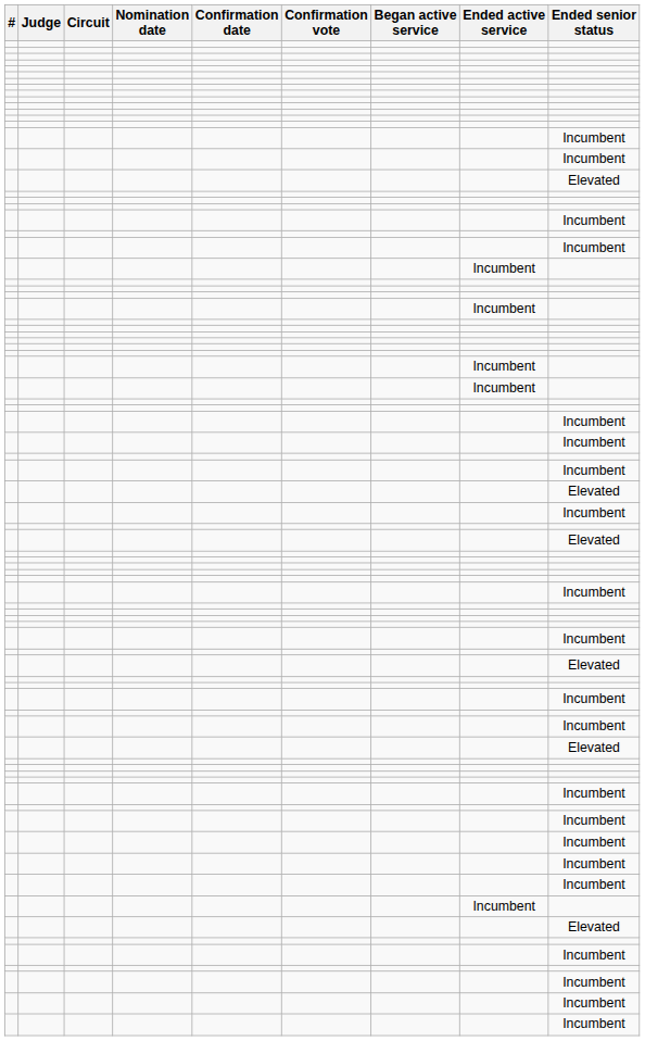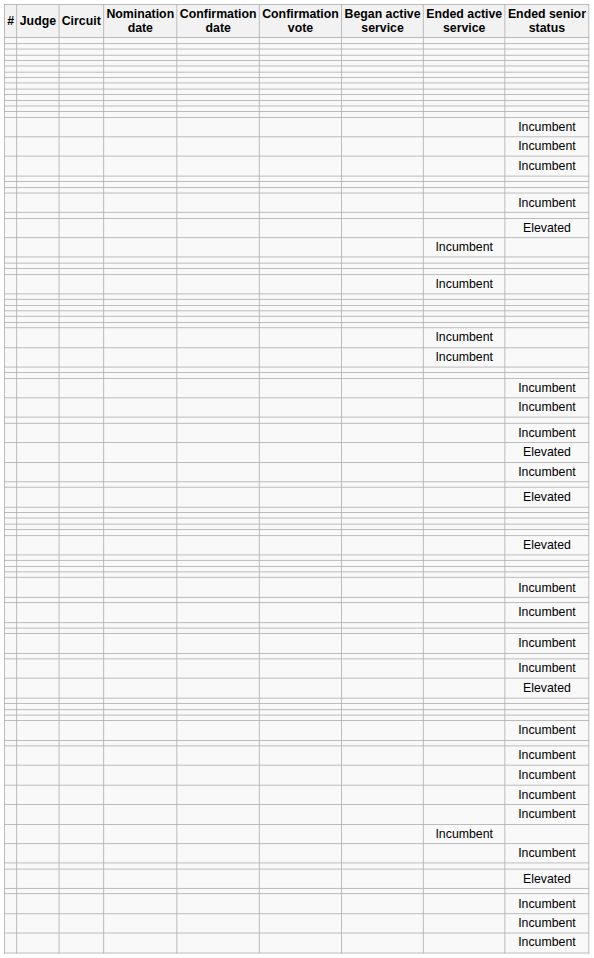 <table class="sortable wikitable">
 <tr>
 <th>#</th>
 <th>Judge</th>
 <th>Circuit</th>
 <th>Nomination<br>date</th>
 <th>Confirmation<br>date</th>
 <th>Confirmation<br>vote</th>
 <th>Began active<br>service</th>
 <th>Ended active<br>service</th>
 <th>Ended senior<br>status</th>
 </tr>
 <tr>
 <td></td>
 <td></td>
 <td></td>
 <td></td>
 <td></td>
 <td align="center"></td>
 <td></td>
 <td></td>
 <td></td>
 </tr>
 <tr>
 <td></td>
 <td></td>
 <td></td>
 <td></td>
 <td></td>
 <td align="center"></td>
 <td></td>
 <td></td>
 <td></td>
 </tr>
 <tr>
 <td></td>
 <td></td>
 <td></td>
 <td></td>
 <td></td>
 <td align="center"></td>
 <td></td>
 <td></td>
 <td></td>
 </tr>
 <tr>
 <td></td>
 <td></td>
 <td></td>
 <td></td>
 <td></td>
 <td align="center"></td>
 <td></td>
 <td></td>
 <td></td>
 </tr>
 <tr>
 <td></td>
 <td></td>
 <td></td>
 <td></td>
 <td></td>
 <td align="center"></td>
 <td></td>
 <td></td>
 <td></td>
 </tr>
 <tr>
 <td></td>
 <td></td>
 <td></td>
 <td></td>
 <td></td>
 <td align="center"></td>
 <td></td>
 <td></td>
 <td align="center"></td>
 </tr>
 <tr>
 <td></td>
 <td></td>
 <td></td>
 <td></td>
 <td></td>
 <td align="center"></td>
 <td></td>
 <td></td>
 <td></td>
 </tr>
 <tr>
 <td></td>
 <td></td>
 <td></td>
 <td></td>
 <td></td>
 <td align="center"></td>
 <td></td>
 <td></td>
 <td></td>
 </tr>
 <tr>
 <td></td>
 <td></td>
 <td></td>
 <td></td>
 <td></td>
 <td align="center"></td>
 <td></td>
 <td></td>
 <td align="center"></td>
 </tr>
 <tr>
 <td></td>
 <td></td>
 <td></td>
 <td></td>
 <td></td>
 <td align="center"></td>
 <td></td>
 <td></td>
 <td></td>
 </tr>
 <tr>
 <td></td>
 <td></td>
 <td></td>
 <td></td>
 <td></td>
 <td align="center"></td>
 <td></td>
 <td></td>
 <td></td>
 </tr>
 <tr>
 <td></td>
 <td></td>
 <td></td>
 <td></td>
 <td></td>
 <td align="center"></td>
 <td></td>
 <td></td>
 <td></td>
 </tr>
 <tr>
 <td></td>
 <td></td>
 <td></td>
 <td></td>
 <td></td>
 <td align="center"></td>
 <td></td>
 <td></td>
 <td></td>
 </tr>
 <tr>
 <td></td>
 <td></td>
 <td></td>
 <td></td>
 <td></td>
 <td align="center"></td>
 <td></td>
 <td></td>
 <td></td>
 </tr>
 <tr>
 <td></td>
 <td></td>
 <td></td>
 <td></td>
 <td></td>
 <td align="center"></td>
 <td></td>
 <td></td>
 <td align="center">Incumbent</td>
 </tr>
 <tr>
 <td></td>
 <td></td>
 <td></td>
 <td></td>
 <td></td>
 <td align="center"></td>
 <td></td>
 <td></td>
 <td align="center">Incumbent</td>
 </tr>
 <tr>
 <td></td>
 <td></td>
 <td></td>
 <td></td>
 <td></td>
 <td align="center"></td>
 <td></td>
 <td></td>
-<td align="center">Elevated</td>
+<td align="center">Incumbent</td>
 </tr>
 <tr>
 <td></td>
 <td></td>
 <td></td>
 <td></td>
 <td></td>
 <td align="center"></td>
 <td></td>
 <td></td>
 <td></td>
 </tr>
 <tr>
 <td></td>
 <td></td>
 <td></td>
 <td></td>
 <td></td>
 <td align="center"></td>
 <td></td>
 <td></td>
 <td></td>
 </tr>
 <tr>
 <td></td>
 <td></td>
 <td></td>
 <td></td>
 <td></td>
 <td align="center"></td>
 <td></td>
 <td></td>
 <td></td>
 </tr>
 <tr>
 <td></td>
 <td></td>
 <td></td>
 <td></td>
 <td></td>
 <td align="center"></td>
 <td></td>
 <td></td>
 <td align="center">Incumbent</td>
 </tr>
 <tr>
 <td></td>
 <td></td>
 <td></td>
 <td></td>
 <td></td>
 <td align="center"></td>
 <td></td>
 <td></td>
 <td align="center"></td>
 </tr>
 <tr>
 <td></td>
 <td></td>
 <td></td>
 <td></td>
 <td></td>
 <td align="center"></td>
 <td></td>
 <td></td>
-<td align="center">Incumbent</td>
+<td align="center">Elevated</td>
 </tr>
 <tr>
 <td></td>
 <td></td>
 <td></td>
 <td></td>
 <td></td>
 <td align="center"></td>
 <td></td>
 <td align="center">Incumbent</td>
 <td align="center"></td>
 </tr>
 <tr>
 <td></td>
 <td></td>
 <td></td>
 <td></td>
 <td></td>
 <td align="center"></td>
 <td></td>
 <td></td>
 <td></td>
 </tr>
 <tr>
 <td></td>
 <td></td>
 <td></td>
 <td></td>
 <td></td>
 <td align="center"></td>
 <td></td>
 <td></td>
 <td align="center"></td>
 </tr>
 <tr>
 <td></td>
 <td></td>
 <td></td>
 <td></td>
 <td></td>
 <td align="center"></td>
 <td></td>
 <td></td>
 <td align="center"></td>
 </tr>
 <tr>
 <td></td>
 <td></td>
 <td></td>
 <td></td>
 <td></td>
 <td align="center"></td>
 <td></td>
 <td align="center">Incumbent</td>
 <td align="center"></td>
 </tr>
 <tr>
 <td></td>
 <td></td>
 <td></td>
 <td></td>
 <td></td>
 <td align="center"></td>
 <td></td>
 <td></td>
 <td></td>
 </tr>
 <tr>
 <td></td>
 <td></td>
 <td></td>
 <td></td>
 <td></td>
 <td align="center"></td>
 <td></td>
 <td></td>
 <td></td>
 </tr>
 <tr>
 <td></td>
 <td></td>
 <td></td>
 <td></td>
 <td></td>
 <td align="center"></td>
 <td></td>
 <td></td>
 <td align="center"></td>
 </tr>
 <tr>
 <td></td>
 <td></td>
 <td></td>
 <td></td>
 <td></td>
 <td align="center"></td>
 <td></td>
 <td></td>
 <td align="center"></td>
 </tr>
 <tr>
 <td></td>
 <td></td>
 <td></td>
 <td></td>
 <td></td>
 <td align="center"></td>
 <td></td>
 <td></td>
 <td></td>
 </tr>
 <tr>
 <td></td>
 <td></td>
 <td></td>
 <td></td>
 <td></td>
 <td align="center"></td>
 <td></td>
 <td></td>
 <td></td>
 </tr>
 <tr>
 <td></td>
 <td></td>
 <td></td>
 <td></td>
 <td></td>
 <td align="center"></td>
 <td></td>
 <td align="center">Incumbent</td>
 <td align="center"></td>
 </tr>
 <tr>
 <td></td>
 <td></td>
 <td></td>
 <td></td>
 <td></td>
 <td align="center"></td>
 <td></td>
 <td align="center">Incumbent</td>
 <td align="center"></td>
 </tr>
 <tr>
 <td></td>
 <td></td>
 <td></td>
 <td></td>
 <td></td>
 <td align="center"></td>
 <td></td>
 <td></td>
 <td align="center"></td>
 </tr>
 <tr>
 <td></td>
 <td></td>
 <td></td>
 <td></td>
 <td></td>
 <td align="center"></td>
 <td></td>
 <td></td>
 <td></td>
 </tr>
 <tr>
 <td></td>
 <td></td>
 <td></td>
 <td></td>
 <td></td>
 <td align="center"></td>
 <td></td>
 <td></td>
 <td align="center">Incumbent</td>
 </tr>
 <tr>
 <td></td>
 <td></td>
 <td></td>
 <td></td>
 <td></td>
 <td align="center"></td>
 <td></td>
 <td></td>
 <td align="center">Incumbent</td>
 </tr>
 <tr>
 <td></td>
 <td></td>
 <td></td>
 <td></td>
 <td></td>
 <td align="center"></td>
 <td></td>
 <td></td>
 <td></td>
 </tr>
 <tr>
 <td></td>
 <td></td>
 <td></td>
 <td></td>
 <td></td>
 <td align="center"></td>
 <td></td>
 <td></td>
 <td align="center">Incumbent</td>
 </tr>
 <tr>
 <td></td>
 <td></td>
 <td></td>
 <td></td>
 <td></td>
 <td align="center"></td>
 <td></td>
 <td></td>
 <td align="center">Elevated</td>
 </tr>
 <tr>
 <td></td>
 <td></td>
 <td></td>
 <td></td>
 <td></td>
 <td align="center"></td>
 <td></td>
 <td></td>
 <td align="center">Incumbent</td>
 </tr>
 <tr>
 <td></td>
 <td></td>
 <td></td>
 <td></td>
 <td></td>
 <td align="center"></td>
 <td></td>
 <td></td>
 <td></td>
 </tr>
 <tr>
 <td></td>
 <td></td>
 <td></td>
 <td></td>
 <td></td>
 <td align="center"></td>
 <td></td>
 <td></td>
 <td align="center">Elevated</td>
 </tr>
 <tr>
 <td></td>
 <td></td>
 <td></td>
 <td></td>
 <td></td>
 <td align="center"></td>
 <td></td>
 <td></td>
 <td></td>
 </tr>
 <tr>
 <td></td>
 <td></td>
 <td></td>
 <td></td>
 <td></td>
 <td align="center"></td>
 <td></td>
 <td></td>
 <td align="center"></td>
 </tr>
 <tr>
 <td></td>
 <td></td>
 <td></td>
 <td></td>
 <td></td>
 <td align="center"></td>
 <td></td>
 <td></td>
 <td></td>
 </tr>
 <tr>
 <td></td>
 <td></td>
 <td></td>
 <td></td>
 <td></td>
 <td align="center"></td>
 <td></td>
 <td></td>
 <td></td>
 </tr>
 <tr>
 <td></td>
 <td></td>
 <td></td>
 <td></td>
 <td></td>
 <td align="center"></td>
 <td></td>
 <td></td>
 <td></td>
 </tr>
 <tr>
 <td></td>
 <td></td>
 <td></td>
 <td></td>
 <td></td>
 <td align="center"></td>
 <td></td>
 <td></td>
-<td align="center">Incumbent</td>
+<td align="center">Elevated</td>
 </tr>
 <tr>
 <td></td>
 <td></td>
 <td></td>
 <td></td>
 <td></td>
 <td align="center"></td>
 <td></td>
 <td></td>
 <td></td>
 </tr>
 <tr>
 <td></td>
 <td></td>
 <td></td>
 <td></td>
 <td></td>
 <td align="center"></td>
 <td></td>
 <td></td>
 <td></td>
 </tr>
 <tr>
 <td></td>
 <td></td>
 <td></td>
 <td></td>
 <td></td>
 <td align="center"></td>
 <td></td>
 <td></td>
 <td></td>
 </tr>
 <tr>
 <td></td>
 <td></td>
 <td></td>
 <td></td>
 <td></td>
 <td align="center"></td>
 <td></td>
 <td></td>
 <td></td>
 </tr>
 <tr>
 <td></td>
 <td></td>
 <td></td>
 <td></td>
 <td></td>
 <td align="center"></td>
 <td></td>
 <td></td>
 <td align="center">Incumbent</td>
 </tr>
 <tr>
 <td></td>
 <td></td>
 <td></td>
 <td></td>
 <td></td>
 <td align="center"></td>
 <td></td>
 <td></td>
 <td align="center"></td>
 </tr>
 <tr>
 <td></td>
 <td></td>
 <td></td>
 <td></td>
 <td></td>
 <td align="center"></td>
 <td></td>
 <td></td>
-<td align="center">Elevated</td>
+<td align="center">Incumbent</td>
 </tr>
 <tr>
 <td></td>
 <td></td>
 <td></td>
 <td></td>
 <td></td>
 <td align="center"></td>
 <td></td>
 <td></td>
 <td></td>
 </tr>
 <tr>
 <td></td>
 <td></td>
 <td></td>
 <td></td>
 <td></td>
 <td align="center"></td>
 <td></td>
 <td></td>
 <td></td>
 </tr>
 <tr>
 <td></td>
 <td></td>
 <td></td>
 <td></td>
 <td></td>
 <td align="center"></td>
 <td></td>
 <td></td>
 <td align="center">Incumbent</td>
 </tr>
 <tr>
 <td></td>
 <td></td>
 <td></td>
 <td></td>
 <td></td>
 <td align="center"></td>
 <td></td>
 <td></td>
 <td></td>
 </tr>
 <tr>
 <td></td>
 <td></td>
 <td></td>
 <td></td>
 <td></td>
 <td align="center"></td>
 <td></td>
 <td></td>
 <td align="center">Incumbent</td>
 </tr>
 <tr>
 <td></td>
 <td></td>
 <td></td>
 <td></td>
 <td></td>
 <td align="center"></td>
 <td></td>
 <td></td>
 <td align="center">Elevated</td>
 </tr>
 <tr>
 <td></td>
 <td></td>
 <td></td>
 <td></td>
 <td></td>
 <td align="center"></td>
 <td></td>
 <td></td>
 <td></td>
 </tr>
 <tr>
 <td></td>
 <td></td>
 <td></td>
 <td></td>
 <td></td>
 <td align="center"></td>
 <td></td>
 <td></td>
 <td></td>
 </tr>
 <tr>
 <td></td>
 <td></td>
 <td></td>
 <td></td>
 <td></td>
 <td align="center"></td>
 <td></td>
 <td></td>
 <td></td>
 </tr>
 <tr>
 <td></td>
 <td></td>
 <td></td>
 <td></td>
 <td></td>
 <td align="center"></td>
 <td></td>
 <td></td>
 <td align="center"></td>
 </tr>
 <tr>
 <td></td>
 <td></td>
 <td></td>
 <td></td>
 <td></td>
 <td align="center"></td>
 <td></td>
 <td></td>
 <td align="center">Incumbent</td>
 </tr>
 <tr>
 <td></td>
 <td></td>
 <td></td>
 <td></td>
 <td></td>
 <td align="center"></td>
 <td></td>
 <td></td>
 <td align="center"></td>
 </tr>
 <tr>
 <td></td>
 <td></td>
 <td></td>
 <td></td>
 <td></td>
 <td align="center"></td>
 <td></td>
 <td></td>
 <td align="center">Incumbent</td>
 </tr>
 <tr>
 <td></td>
 <td></td>
 <td></td>
 <td></td>
 <td></td>
 <td align="center"></td>
 <td></td>
 <td></td>
 <td align="center">Incumbent</td>
 </tr>
 <tr>
 <td></td>
 <td></td>
 <td></td>
 <td></td>
 <td></td>
 <td align="center"></td>
 <td></td>
 <td></td>
 <td align="center">Incumbent</td>
 </tr>
 <tr>
 <td></td>
 <td></td>
 <td></td>
 <td></td>
 <td></td>
 <td align="center"></td>
 <td></td>
 <td></td>
 <td align="center">Incumbent</td>
 </tr>
 <tr>
 <td></td>
 <td></td>
 <td></td>
 <td></td>
 <td></td>
 <td align="center"></td>
 <td></td>
 <td align="center">Incumbent</td>
 <td align="center"></td>
 </tr>
 <tr>
 <td></td>
 <td></td>
 <td></td>
 <td></td>
 <td></td>
 <td align="center"></td>
 <td></td>
 <td></td>
-<td align="center">Elevated</td>
+<td align="center">Incumbent</td>
 </tr>
 <tr>
 <td></td>
 <td></td>
 <td></td>
 <td></td>
 <td></td>
 <td align="center"></td>
 <td></td>
 <td></td>
 <td align="center"></td>
 </tr>
 <tr>
 <td></td>
 <td></td>
 <td></td>
 <td></td>
 <td></td>
 <td align="center"></td>
 <td></td>
 <td></td>
-<td align="center">Incumbent</td>
+<td align="center">Elevated</td>
 </tr>
 <tr>
 <td></td>
 <td></td>
 <td></td>
 <td></td>
 <td></td>
 <td align="center"></td>
 <td></td>
 <td></td>
 <td></td>
 </tr>
 <tr>
 <td></td>
 <td></td>
 <td></td>
 <td></td>
 <td></td>
 <td align="center"></td>
 <td></td>
 <td></td>
 <td align="center">Incumbent</td>
 </tr>
 <tr>
 <td></td>
 <td></td>
 <td></td>
 <td></td>
 <td></td>
 <td align="center"></td>
 <td></td>
 <td></td>
 <td align="center">Incumbent</td>
 </tr>
 <tr>
 <td></td>
 <td></td>
 <td></td>
 <td></td>
 <td></td>
 <td align="center"></td>
 <td></td>
 <td></td>
 <td align="center">Incumbent</td>
 </tr>
 </table>
